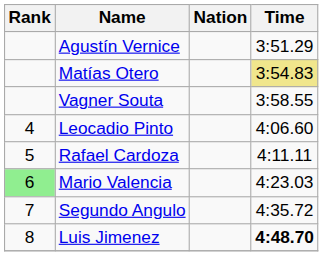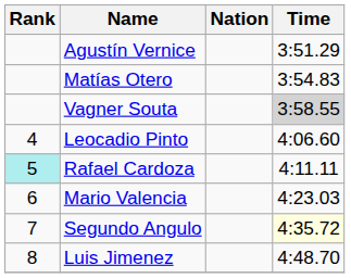 <table class="wikitable sortable" style="text-align:center">
 <tr>
 <th>Rank</th>
 <th>Name</th>
 <th>Nation</th>
 <th>Time</th>
 </tr>
 <tr>
 <td></td>
 <td align=left><a href='#'>Agustín Vernice</a></td>
 <td align=left></td>
 <td>3:51.29</td>
 </tr>
 <tr>
 <td></td>
 <td align=left><a href='#'>Matías Otero</a></td>
 <td align=left></td>
-<td style="background: khaki;">3:54.83</td>
+<td>3:54.83</td>
 </tr>
 <tr>
 <td></td>
 <td align=left><a href='#'>Vagner Souta</a></td>
 <td align=left></td>
-<td>3:58.55</td>
+<td style="background: lightgrey;">3:58.55</td>
 </tr>
 <tr>
 <td>4</td>
 <td align=left><a href='#'>Leocadio Pinto</a></td>
 <td align=left></td>
 <td>4:06.60</td>
 </tr>
 <tr>
-<td>5</td>
+<td style="background: paleturquoise;">5</td>
 <td align=left><a href='#'>Rafael Cardoza</a></td>
 <td align=left></td>
 <td>4:11.11</td>
 </tr>
 <tr>
-<td style="background: lightgreen;">6</td>
+<td>6</td>
 <td align=left><a href='#'>Mario Valencia</a></td>
 <td align=left></td>
 <td>4:23.03</td>
 </tr>
 <tr>
 <td>7</td>
 <td align=left><a href='#'>Segundo Angulo</a></td>
 <td align=left></td>
-<td>4:35.72</td>
+<td style="background: lightyellow;">4:35.72</td>
 </tr>
 <tr>
 <td>8</td>
 <td align=left><a href='#'>Luis Jimenez</a></td>
 <td align=left></td>
-<td><strong>4:48.70</strong></td>
+<td>4:48.70</td>
 </tr>
 <tr>
 </tr>
 </table>
